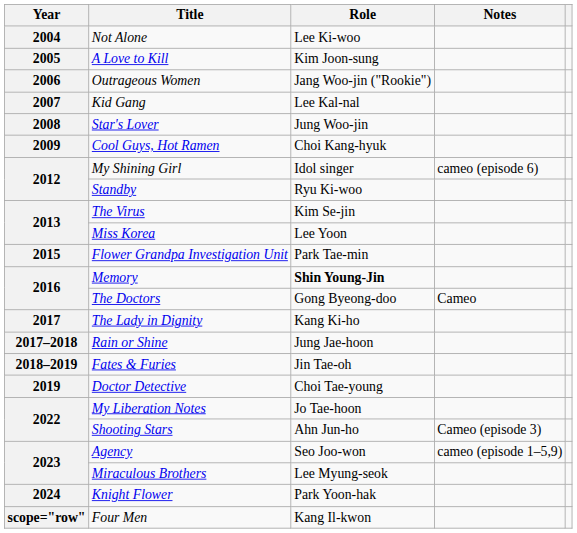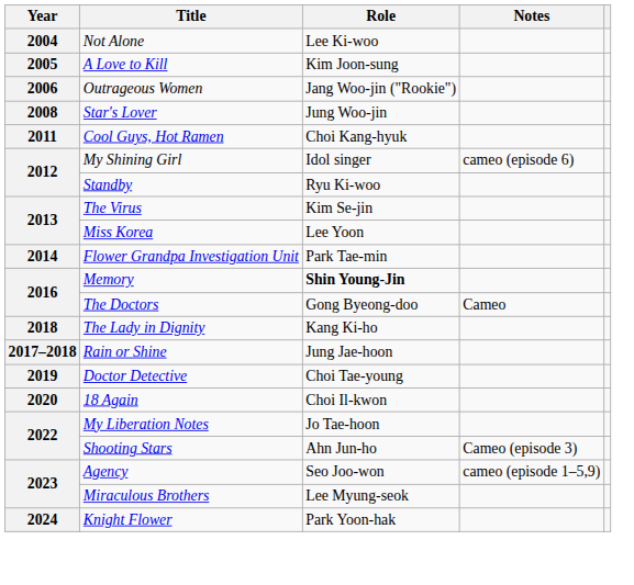 <table class="wikitable sortable plainrowheaders">
 <tr>
 <th>Year</th>
 <th>Title</th>
 <th>Role</th>
 <th scope="col">Notes</th>
 <th scope="col" class="unsortable"></th>
 </tr>
 <tr>
 <th scope="row">2004</th>
 <td><em>Not Alone</em></td>
 <td>Lee Ki-woo</td>
 <td></td>
 <td></td>
 </tr>
 <tr>
 <th scope="row">2005</th>
 <td><em><a href='#'>A Love to Kill</a></em></td>
 <td>Kim Joon-sung</td>
 <td></td>
 <td></td>
 </tr>
 <tr>
 <th scope="row">2006</th>
 <td><em>Outrageous Women</em></td>
 <td>Jang Woo-jin ("Rookie")</td>
 <td></td>
 <td></td>
 </tr>
 <tr>
-<th scope="row">2007</th>
-<td><em>Kid Gang</em></td>
-<td>Lee Kal-nal</td>
-<td></td>
-<td></td>
-</tr>
-<tr>
 <th scope="row">2008</th>
 <td><em><a href='#'>Star's Lover</a></em></td>
 <td>Jung Woo-jin</td>
 <td></td>
 <td></td>
 </tr>
 <tr>
-<th scope="row">2009</th>
+<th scope="row">2011</th>
 <td><em><a href='#'>Cool Guys, Hot Ramen</a></em></td>
 <td>Choi Kang-hyuk</td>
 <td></td>
 <td></td>
 </tr>
 <tr>
 <th scope="row" rowspan=2>2012</th>
 <td><em>My Shining Girl</em></td>
 <td>Idol singer</td>
 <td>cameo (episode 6)</td>
 <td></td>
 </tr>
 <tr>
 <td><em><a href='#'>Standby</a></em></td>
 <td>Ryu Ki-woo</td>
 <td></td>
 <td></td>
 </tr>
 <tr>
 <th scope="row"  rowspan=2>2013</th>
 <td><em><a href='#'>The Virus</a></em></td>
 <td>Kim Se-jin</td>
 <td></td>
 <td></td>
 </tr>
 <tr>
 <td><em><a href='#'>Miss Korea</a></em></td>
 <td>Lee Yoon</td>
 <td></td>
 <td></td>
 </tr>
 <tr>
-<th scope="row">2015</th>
+<th scope="row">2014</th>
 <td><em><a href='#'>Flower Grandpa Investigation Unit</a></em></td>
 <td>Park Tae-min</td>
 <td></td>
 <td></td>
 </tr>
 <tr>
 <th scope="row"  rowspan=2>2016</th>
 <td><em><a href='#'>Memory</a></em></td>
 <td><strong>Shin Young-Jin</strong></td>
 <td></td>
 <td></td>
 </tr>
 <tr>
 <td><em><a href='#'>The Doctors</a></em></td>
 <td>Gong Byeong-doo</td>
 <td>Cameo</td>
 <td></td>
 </tr>
 <tr>
-<th scope="row">2017</th>
+<th scope="row">2018</th>
 <td><em><a href='#'>The Lady in Dignity</a></em></td>
 <td>Kang Ki-ho</td>
 <td></td>
 <td></td>
 </tr>
 <tr>
 <th scope="row">2017–2018</th>
 <td><em><a href='#'>Rain or Shine</a></em></td>
 <td>Jung Jae-hoon</td>
 <td></td>
 <td></td>
 </tr>
 <tr>
-<th scope="row">2018–2019</th>
-<td><em><a href='#'>Fates & Furies</a></em></td>
-<td>Jin Tae-oh</td>
+<th scope="row">2019</th>
+<td><em><a href='#'>Doctor Detective</a></em></td>
+<td>Choi Tae-young</td>
 <td></td>
 <td></td>
 </tr>
 <tr>
-<th scope="row">2019</th>
-<td><em><a href='#'>Doctor Detective</a></em></td>
-<td>Choi Tae-young</td>
+<th scope="row">2020</th>
+<td><em><a href='#'>18 Again</a></em></td>
+<td>Choi Il-kwon</td>
 <td></td>
 <td></td>
 </tr>
 <tr>
 <th scope="row"  rowspan=2>2022</th>
 <td><em><a href='#'>My Liberation Notes</a></em></td>
 <td>Jo Tae-hoon</td>
 <td></td>
 <td></td>
 </tr>
 <tr>
 <td><em><a href='#'>Shooting Stars</a></em></td>
 <td>Ahn Jun-ho</td>
 <td>Cameo  (episode 3)</td>
 <td></td>
 </tr>
 <tr>
 <th scope="row" rowspan=2>2023</th>
 <td><em><a href='#'>Agency</a></em></td>
 <td>Seo Joo-won</td>
 <td>cameo (episode 1–5,9)</td>
 <td></td>
 </tr>
 <tr>
 <td><em><a href='#'>Miraculous Brothers</a></em></td>
 <td>Lee Myung-seok</td>
 <td></td>
 <td></td>
 </tr>
 <tr>
 <th scope="row">2024</th>
 <td><em><a href='#'>Knight Flower</a></em></td>
 <td>Park Yoon-hak</td>
 <td></td>
 <td></td>
 </tr>
-<tr>
-<th>scope="row" </th>
-<td><em>Four Men</em></td>
-<td>Kang Il-kwon</td>
-<td></td>
-<td></td>
-</tr>
 </table>
